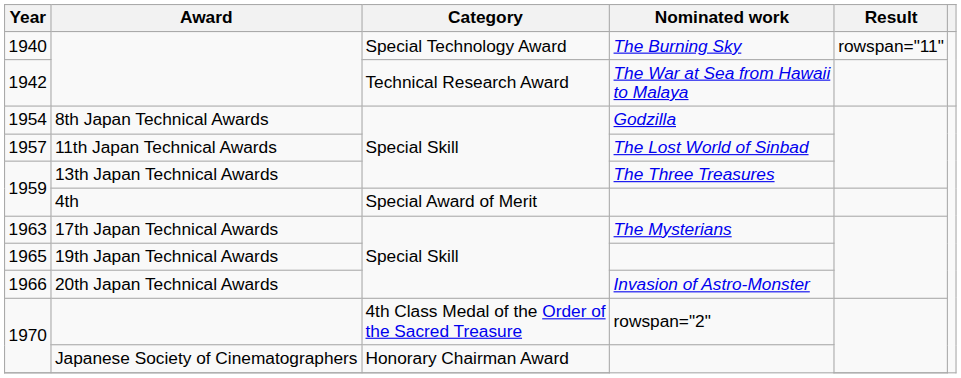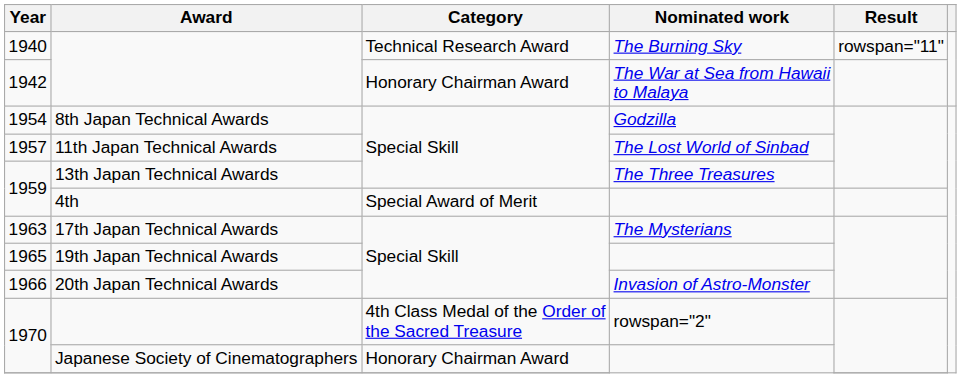 <table class="wikitable">
 <tr>
 <th>Year</th>
 <th>Award</th>
 <th>Category</th>
 <th>Nominated work</th>
 <th>Result</th>
 <th></th>
 </tr>
 <tr>
 <td>1940</td>
 <td rowspan="2"></td>
-<td>Special Technology Award</td>
+<td>Technical Research Award</td>
 <td><em><a href='#'>The Burning Sky</a></em></td>
 <td>rowspan="11" </td>
 <td rowspan="2"></td>
 </tr>
 <tr>
 <td>1942</td>
-<td>Technical Research Award</td>
+<td>Honorary Chairman Award</td>
 <td><em><a href='#'>The War at Sea from Hawaii<br>to Malaya</a></em></td>
 </tr>
 <tr>
 <td>1954</td>
 <td>8th Japan Technical Awards</td>
 <td rowspan="3">Special Skill</td>
 <td><em><a href='#'>Godzilla</a></em></td>
 <td rowspan="3"></td>
 </tr>
 <tr>
 <td>1957</td>
 <td>11th Japan Technical Awards</td>
 <td><em><a href='#'>The Lost World of Sinbad</a></em></td>
 </tr>
 <tr>
 <td rowspan="2">1959</td>
 <td>13th Japan Technical Awards</td>
 <td><em><a href='#'>The Three Treasures</a></em></td>
 </tr>
 <tr>
 <td>4th </td>
 <td>Special Award of Merit</td>
 <td></td>
 <td></td>
 </tr>
 <tr>
 <td>1963</td>
 <td>17th Japan Technical Awards</td>
 <td rowspan="3">Special Skill</td>
 <td><em><a href='#'>The Mysterians</a></em></td>
 <td rowspan="3"></td>
 </tr>
 <tr>
 <td>1965</td>
 <td>19th Japan Technical Awards</td>
 <td><em></em></td>
 </tr>
 <tr>
 <td>1966</td>
 <td>20th Japan Technical Awards</td>
 <td><em><a href='#'>Invasion of Astro-Monster</a></em></td>
 </tr>
 <tr>
 <td rowspan="2">1970</td>
 <td></td>
 <td>4th Class Medal of the <a href='#'>Order of<br>the Sacred Treasure</a></td>
 <td>rowspan="2" </td>
 <td rowspan="2"></td>
 </tr>
 <tr>
 <td>Japanese Society of Cinematographers</td>
 <td>Honorary Chairman Award</td>
 </tr>
 <tr>
 </tr>
 </table>
